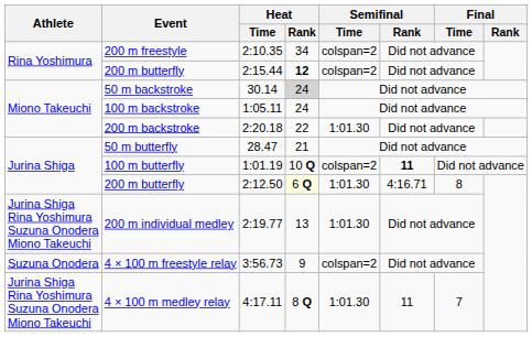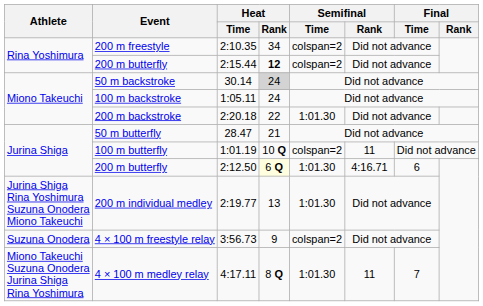 <table class=wikitable style="font-size:90%">
 <tr>
 <th rowspan=2>Athlete</th>
 <th rowspan=2>Event</th>
 <th colspan="2">Heat</th>
 <th colspan="2">Semifinal</th>
 <th colspan="2">Final</th>
 </tr>
 <tr style="font-size:95%">
 <th>Time</th>
 <th>Rank</th>
 <th>Time</th>
 <th>Rank</th>
 <th>Time</th>
 <th>Rank</th>
 </tr>
 <tr align=center>
 <td align=left rowspan=2><a href='#'>Rina Yoshimura</a></td>
 <td align=left><a href='#'>200 m freestyle</a></td>
 <td>2:10.35</td>
 <td>34</td>
 <td>colspan=2 </td>
 <td colspan="2" align=center>Did not advance</td>
 </tr>
 <tr align=center>
 <td align=left><a href='#'>200 m butterfly</a></td>
 <td>2:15.44</td>
 <td><strong>12</strong></td>
 <td>colspan=2 </td>
 <td colspan="2" align=center>Did not advance</td>
 </tr>
 <tr align=center>
 <td align=left rowspan=3><a href='#'>Miono Takeuchi</a></td>
 <td align=left><a href='#'>50 m backstroke</a></td>
 <td>30.14</td>
 <td style="background: lightgrey;">24</td>
 <td colspan="4" align=center>Did not advance</td>
 </tr>
 <tr align=center>
 <td align=left><a href='#'>100 m backstroke</a></td>
 <td>1:05.11</td>
 <td>24</td>
 <td colspan="4" align=center>Did not advance</td>
 </tr>
 <tr align=center>
 <td align=left><a href='#'>200 m backstroke</a></td>
 <td>2:20.18</td>
 <td>22</td>
 <td>1:01.30</td>
 <td colspan="2" align=center>Did not advance</td>
 </tr>
 <tr align=center>
 <td align=left rowspan=3><a href='#'>Jurina Shiga</a></td>
 <td align=left><a href='#'>50 m butterfly</a></td>
 <td>28.47</td>
 <td>21</td>
 <td colspan="4" align=center>Did not advance</td>
 </tr>
 <tr align=center>
 <td align=left><a href='#'>100 m butterfly</a></td>
 <td>1:01.19</td>
 <td>10 <strong>Q</strong></td>
 <td>colspan=2 </td>
-<td><strong>11</strong></td>
+<td>11</td>
 <td colspan="2" align=center>Did not advance</td>
 </tr>
 <tr align=center>
 <td align=left><a href='#'>200 m butterfly</a></td>
 <td>2:12.50</td>
 <td style="background: lightyellow;">6 <strong>Q</strong></td>
 <td>1:01.30</td>
 <td>4:16.71</td>
-<td>8</td>
+<td>6</td>
 </tr>
 <tr align=center>
 <td align=left><a href='#'>Jurina Shiga</a><br><a href='#'>Rina Yoshimura</a><br><a href='#'>Suzuna Onodera</a><br><a href='#'>Miono Takeuchi</a></td>
 <td align=left><a href='#'>200 m individual medley</a></td>
 <td>2:19.77</td>
 <td>13</td>
 <td>1:01.30</td>
 <td colspan="2" align=center>Did not advance</td>
 </tr>
 <tr align=center>
 <td align=left><a href='#'>Suzuna Onodera</a></td>
 <td align=left><a href='#'>4 × 100 m freestyle relay</a></td>
 <td>3:56.73</td>
 <td>9</td>
 <td>colspan=2 </td>
 <td colspan="2" align=center>Did not advance</td>
 </tr>
 <tr align=center>
-<td align=left><a href='#'>Jurina Shiga</a><br><a href='#'>Rina Yoshimura</a><br><a href='#'>Suzuna Onodera</a><br><a href='#'>Miono Takeuchi</a></td>
+<td align=left><a href='#'>Miono Takeuchi</a><br><a href='#'>Suzuna Onodera</a><br><a href='#'>Jurina Shiga</a><br><a href='#'>Rina Yoshimura</a></td>
 <td align=left><a href='#'>4 × 100 m medley relay</a></td>
 <td>4:17.11</td>
 <td>8 <strong>Q</strong></td>
 <td>1:01.30</td>
 <td>11</td>
 <td>7</td>
 </tr>
 </table>
